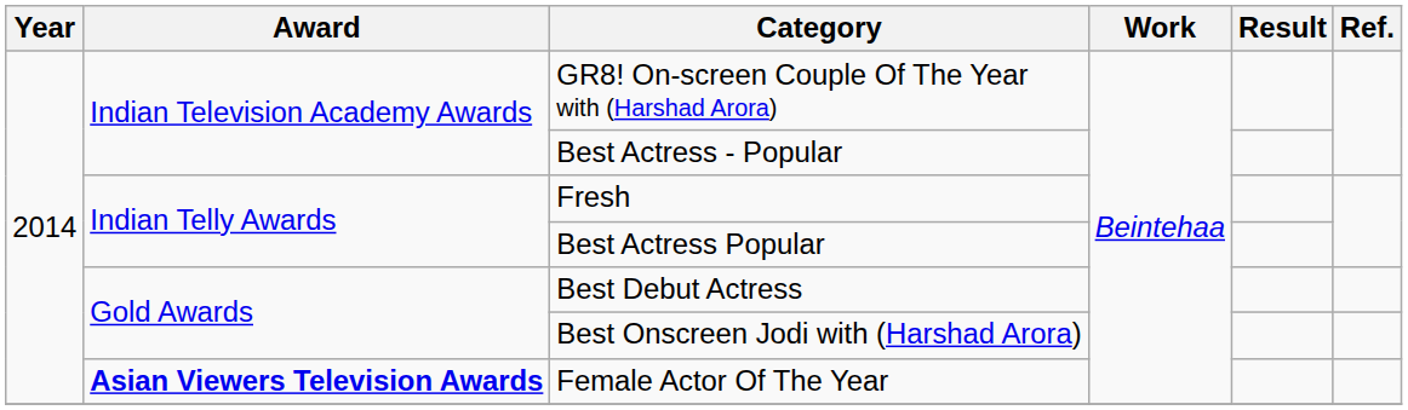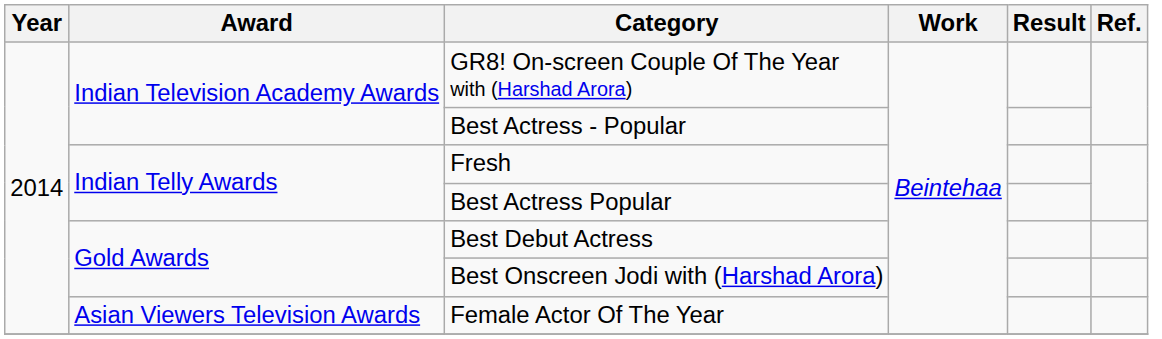 <table class="wikitable">
 <tr>
 <th>Year</th>
 <th>Award</th>
 <th>Category</th>
 <th>Work</th>
 <th>Result</th>
 <th>Ref.</th>
 </tr>
 <tr>
 <td rowspan="7">2014</td>
 <td rowspan="2"><a href='#'>Indian Television Academy Awards</a></td>
 <td>GR8! On-screen Couple Of The Year<br><small>with (<a href='#'>Harshad Arora</a>)</small></td>
 <td rowspan="7"><em><a href='#'>Beintehaa</a></em></td>
 <td></td>
 <td rowspan="2"></td>
 </tr>
 <tr>
 <td>Best Actress - Popular</td>
 <td></td>
 </tr>
 <tr>
 <td rowspan=2><a href='#'>Indian Telly Awards</a></td>
 <td>Fresh </td>
 <td></td>
 <td rowspan="2"></td>
 </tr>
 <tr>
 <td>Best Actress Popular</td>
 <td></td>
 </tr>
 <tr>
 <td rowspan=2><a href='#'>Gold Awards</a></td>
 <td>Best Debut Actress</td>
 <td></td>
 <td></td>
 </tr>
 <tr>
 <td>Best Onscreen Jodi with (<a href='#'>Harshad Arora</a>)</td>
 <td></td>
 <td></td>
 </tr>
 <tr>
-<td><strong><a href='#'>Asian Viewers Television Awards</a></strong></td>
+<td><a href='#'>Asian Viewers Television Awards</a></td>
 <td>Female Actor Of The Year</td>
 <td></td>
 <td></td>
 </tr>
 <tr>
 </tr>
 </table>
